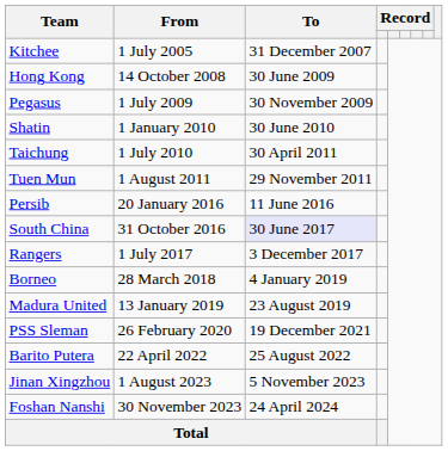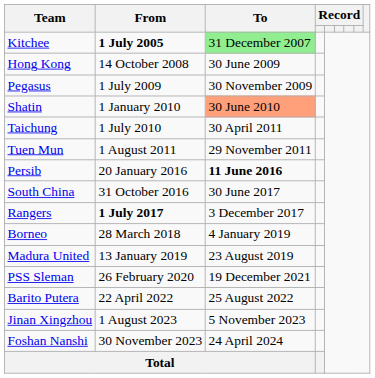 <table class="wikitable" style="text-align: center;">
 <tr>
 <th rowspan=2>Team</th>
 <th rowspan=2>From</th>
 <th rowspan=2>To</th>
 <th colspan=5>Record</th>
 <th rowspan=2></th>
 </tr>
 <tr>
 <th></th>
 <th></th>
 <th></th>
 <th></th>
 <th></th>
 </tr>
 <tr>
 <td align=left><a href='#'>Kitchee</a></td>
-<td align=left>1 July 2005</td>
-<td align=left>31 December 2007<br></td>
+<td align=left><strong>1 July 2005</strong></td>
+<td align=left style="background: lightgreen;">31 December 2007<br></td>
 <td></td>
 </tr>
 <tr>
 <td align=left><a href='#'>Hong Kong</a></td>
 <td align=left>14 October 2008</td>
 <td align=left>30 June 2009<br></td>
 <td></td>
 </tr>
 <tr>
 <td align=left><a href='#'>Pegasus</a></td>
 <td align=left>1 July 2009</td>
 <td align=left>30 November 2009<br></td>
 <td></td>
 </tr>
 <tr>
 <td align=left><a href='#'>Shatin</a></td>
 <td align=left>1 January 2010</td>
-<td align=left>30 June 2010<br></td>
+<td align=left style="background: lightsalmon;">30 June 2010<br></td>
 <td></td>
 </tr>
 <tr>
 <td align=left><a href='#'>Taichung</a></td>
 <td align=left>1 July 2010</td>
 <td align=left>30 April 2011<br></td>
 <td></td>
 </tr>
 <tr>
 <td align=left><a href='#'>Tuen Mun</a></td>
 <td align=left>1 August 2011</td>
 <td align=left>29 November 2011<br></td>
 <td></td>
 </tr>
 <tr>
 <td align=left><a href='#'>Persib</a></td>
 <td align=left>20 January 2016</td>
-<td align=left>11 June 2016<br></td>
+<td align=left><strong>11 June 2016<br></strong></td>
 <td></td>
 </tr>
 <tr>
 <td align=left><a href='#'>South China</a></td>
 <td align=left>31 October 2016</td>
-<td align=left style="background: lavender;">30 June 2017<br></td>
+<td align=left>30 June 2017<br></td>
 <td></td>
 </tr>
 <tr>
 <td align=left><a href='#'>Rangers</a></td>
-<td align=left>1 July 2017</td>
+<td align=left><strong>1 July 2017</strong></td>
 <td align=left>3 December 2017<br></td>
 <td></td>
 </tr>
 <tr>
 <td align=left><a href='#'>Borneo</a></td>
 <td align=left>28 March 2018</td>
 <td align=left>4 January 2019<br></td>
 <td></td>
 </tr>
 <tr>
 <td align=left><a href='#'>Madura United</a></td>
 <td align=left>13 January 2019</td>
 <td align=left>23 August 2019<br></td>
 <td></td>
 </tr>
 <tr>
 <td align=left><a href='#'>PSS Sleman</a></td>
 <td align=left>26 February 2020</td>
 <td align=left>19 December 2021<br></td>
 <td></td>
 </tr>
 <tr>
 <td align=left><a href='#'>Barito Putera</a></td>
 <td align=left>22 April 2022</td>
 <td align=left>25 August 2022<br></td>
 <td></td>
 </tr>
 <tr>
 <td align=left><a href='#'>Jinan Xingzhou</a></td>
 <td align=left>1 August 2023</td>
 <td align=left>5 November 2023<br></td>
 <td></td>
 </tr>
 <tr>
 <td align=left><a href='#'>Foshan Nanshi</a></td>
 <td align=left>30 November 2023</td>
 <td align=left>24 April 2024<br></td>
 <td></td>
 </tr>
 <tr>
 <th colspan="3">Total<br></th>
 <th></th>
 </tr>
 </table>
